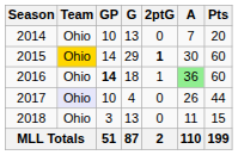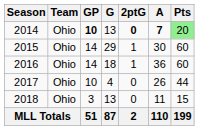 <table class="wikitable" style="text-align:center">
 <tr>
 <th>Season</th>
 <th>Team</th>
 <th>GP</th>
 <th>G</th>
 <th>2ptG</th>
 <th>A</th>
 <th>Pts</th>
 </tr>
 <tr>
 <td>2014</td>
 <td>Ohio</td>
-<td>10</td>
+<td><strong>10</strong></td>
 <td>13</td>
-<td>0</td>
-<td>7</td>
-<td>20</td>
+<td><strong>0</strong></td>
+<td><strong>7</strong></td>
+<td style="background: lightgreen;">20</td>
 </tr>
 <tr>
 <td>2015</td>
-<td style="background: gold;">Ohio</td>
+<td>Ohio</td>
 <td>14</td>
 <td>29</td>
-<td><strong>1</strong></td>
+<td>1</td>
 <td>30</td>
 <td>60</td>
 </tr>
 <tr>
 <td>2016</td>
 <td>Ohio</td>
-<td><strong>14</strong></td>
+<td>14</td>
 <td>18</td>
 <td>1</td>
-<td style="background: lightgreen;">36</td>
+<td>36</td>
 <td>60</td>
 </tr>
 <tr>
 <td>2017</td>
-<td style="background: lavender;">Ohio</td>
+<td>Ohio</td>
 <td>10</td>
 <td>4</td>
 <td>0</td>
 <td>26</td>
 <td>44</td>
 </tr>
 <tr>
 <td>2018</td>
 <td>Ohio</td>
 <td>3</td>
 <td>13</td>
 <td>0</td>
 <td>11</td>
 <td>15</td>
 </tr>
 <tr ALIGN="center" bgcolor="#e0e0e0">
 <th colspan=2>MLL Totals</th>
 <th>51</th>
 <th>87</th>
 <th>2</th>
 <th>110</th>
 <th>199</th>
 </tr>
 </table>
